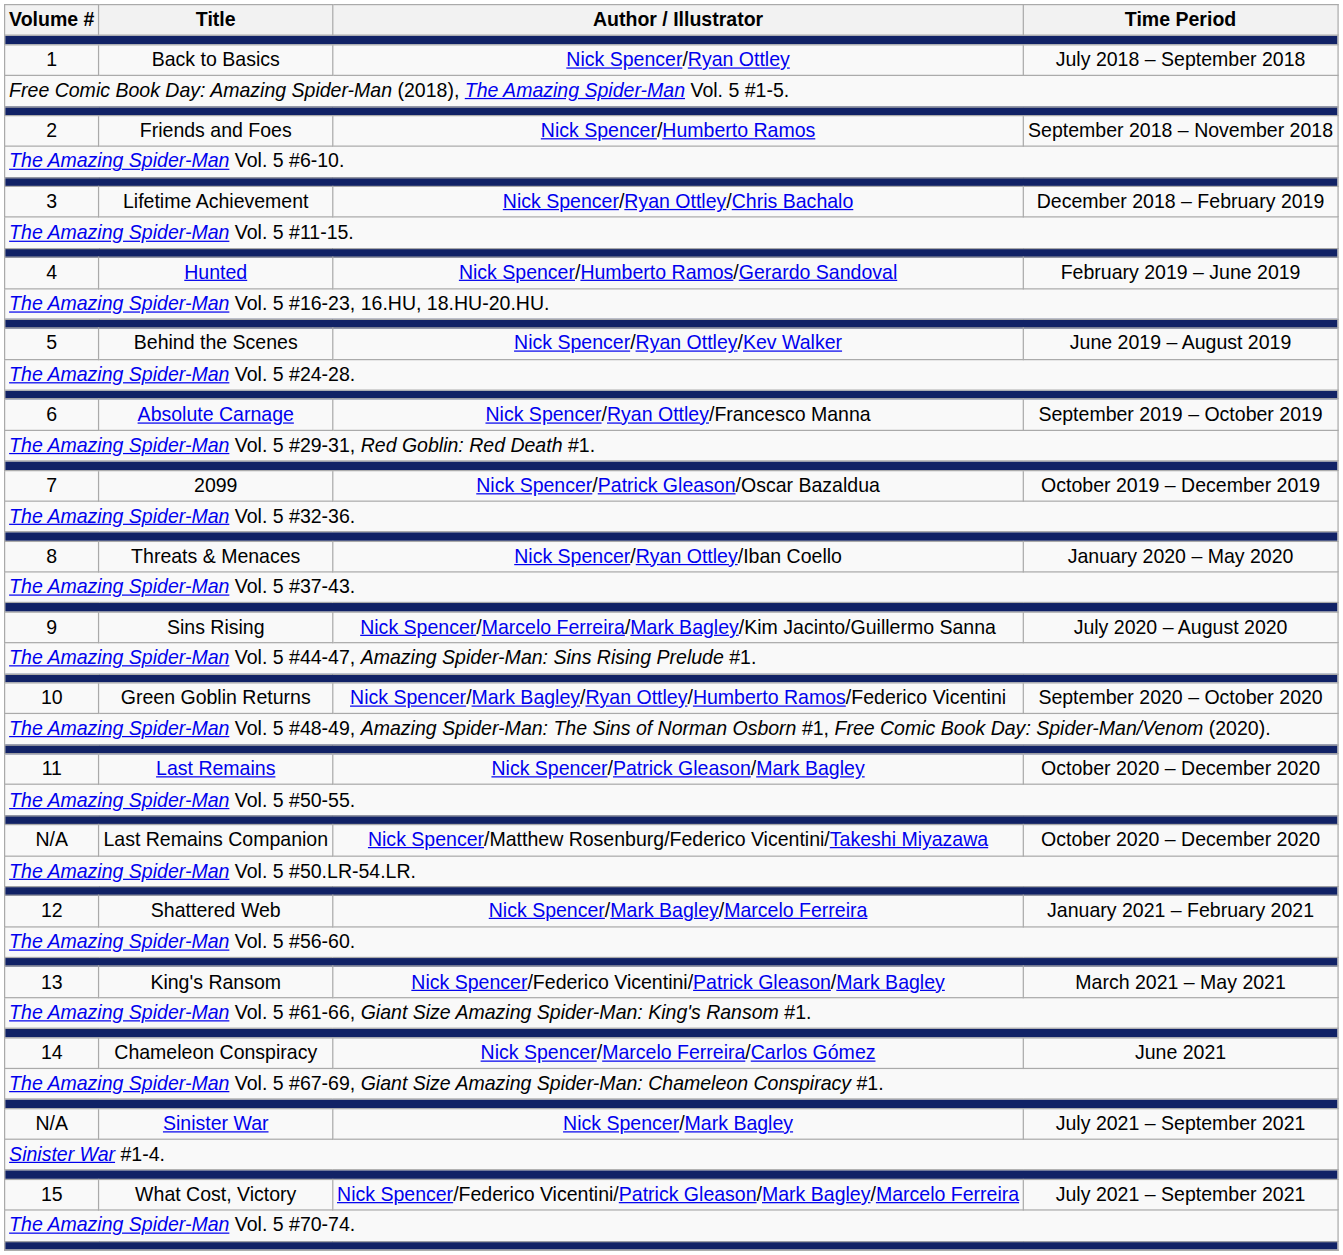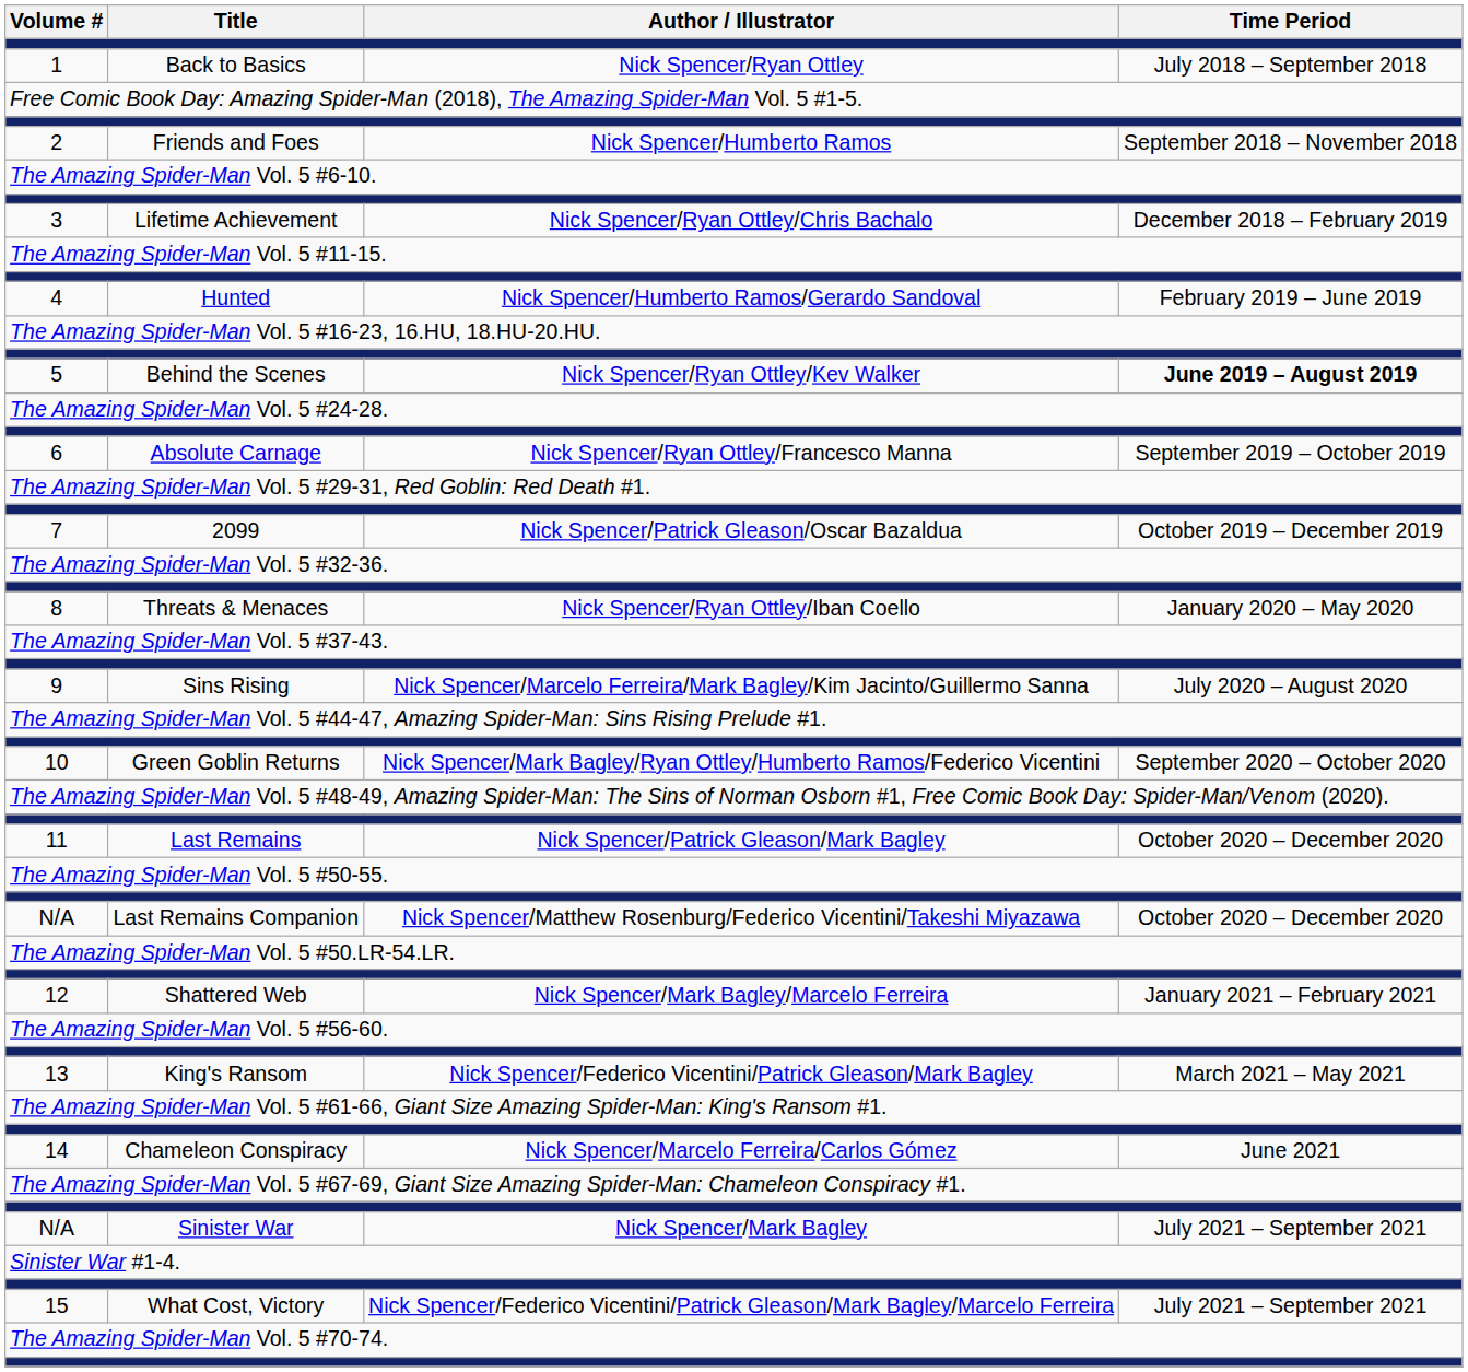 <table class="wikitable">
 <tr>
 <th>Volume #</th>
 <th>Title</th>
 <th>Author / Illustrator</th>
 <th>Time Period</th>
 </tr>
 <tr>
 <td colspan="6" bgcolor="#112266"></td>
 </tr>
 <tr>
 <td align="center">1</td>
 <td align="center">Back to Basics</td>
 <td align="center"><a href='#'>Nick Spencer</a>/<a href='#'>Ryan Ottley</a></td>
 <td align="center">July 2018 – September 2018</td>
 </tr>
 <tr>
 <td colspan="6"><em>Free Comic Book Day: Amazing Spider-Man</em> (2018), <em><a href='#'>The Amazing Spider-Man</a></em> Vol. 5 #1-5.</td>
 </tr>
 <tr>
 <td colspan="6" bgcolor="#112266"></td>
 </tr>
 <tr>
 <td align="center">2</td>
 <td align="center">Friends and Foes</td>
 <td align="center"><a href='#'>Nick Spencer</a>/<a href='#'>Humberto Ramos</a></td>
 <td align="center">September 2018 – November 2018</td>
 </tr>
 <tr>
 <td colspan="6"><em><a href='#'>The Amazing Spider-Man</a></em> Vol. 5 #6-10.</td>
 </tr>
 <tr>
 <td colspan="6" bgcolor="#112266"></td>
 </tr>
 <tr>
 <td align="center">3</td>
 <td align="center">Lifetime Achievement</td>
 <td align="center"><a href='#'>Nick Spencer</a>/<a href='#'>Ryan Ottley</a>/<a href='#'>Chris Bachalo</a></td>
 <td align="center">December 2018 – February 2019</td>
 </tr>
 <tr>
 <td colspan="6"><em><a href='#'>The Amazing Spider-Man</a></em> Vol. 5 #11-15.</td>
 </tr>
 <tr>
 <td colspan="6" bgcolor="#112266"></td>
 </tr>
 <tr>
 <td align="center">4</td>
 <td align="center"><a href='#'>Hunted</a></td>
 <td align="center"><a href='#'>Nick Spencer</a>/<a href='#'>Humberto Ramos</a>/<a href='#'>Gerardo Sandoval</a></td>
 <td align="center">February 2019 – June 2019</td>
 </tr>
 <tr>
 <td colspan="6"><em><a href='#'>The Amazing Spider-Man</a></em> Vol. 5 #16-23, 16.HU, 18.HU-20.HU.</td>
 </tr>
 <tr>
 <td colspan="6" bgcolor="#112266"></td>
 </tr>
 <tr>
 <td align="center">5</td>
 <td align="center">Behind the Scenes</td>
 <td align="center"><a href='#'>Nick Spencer</a>/<a href='#'>Ryan Ottley</a>/<a href='#'>Kev Walker</a></td>
-<td align="center">June 2019 – August 2019</td>
+<td align="center"><strong>June 2019 – August 2019</strong></td>
 </tr>
 <tr>
 <td colspan="6"><em><a href='#'>The Amazing Spider-Man</a></em> Vol. 5 #24-28.</td>
 </tr>
 <tr>
 <td colspan="6" bgcolor="#112266"></td>
 </tr>
 <tr>
 <td align="center">6</td>
 <td align="center"><a href='#'>Absolute Carnage</a></td>
 <td align="center"><a href='#'>Nick Spencer</a>/<a href='#'>Ryan Ottley</a>/Francesco Manna</td>
 <td align="center">September 2019 – October 2019</td>
 </tr>
 <tr>
 <td colspan="6"><em><a href='#'>The Amazing Spider-Man</a></em> Vol. 5 #29-31, <em>Red Goblin: Red Death</em> #1.</td>
 </tr>
 <tr>
 <td colspan="6" bgcolor="#112266"></td>
 </tr>
 <tr>
 <td align="center">7</td>
 <td align="center">2099</td>
 <td align="center"><a href='#'>Nick Spencer</a>/<a href='#'>Patrick Gleason</a>/Oscar Bazaldua</td>
 <td align="center">October 2019 – December 2019</td>
 </tr>
 <tr>
 <td colspan="6"><em><a href='#'>The Amazing Spider-Man</a></em> Vol. 5 #32-36.</td>
 </tr>
 <tr>
 <td colspan="6" bgcolor="#112266"></td>
 </tr>
 <tr>
 <td align="center">8</td>
 <td align="center">Threats & Menaces</td>
 <td align="center"><a href='#'>Nick Spencer</a>/<a href='#'>Ryan Ottley</a>/Iban Coello</td>
 <td align="center">January 2020 – May 2020</td>
 </tr>
 <tr>
 <td colspan="6"><em><a href='#'>The Amazing Spider-Man</a></em> Vol. 5 #37-43.</td>
 </tr>
 <tr>
 <td colspan="6" bgcolor="#112266"></td>
 </tr>
 <tr>
 <td align="center">9</td>
 <td align="center">Sins Rising</td>
 <td align="center"><a href='#'>Nick Spencer</a>/<a href='#'>Marcelo Ferreira</a>/<a href='#'>Mark Bagley</a>/Kim Jacinto/Guillermo Sanna</td>
 <td align="center">July 2020 – August 2020</td>
 </tr>
 <tr>
 <td colspan="6"><em><a href='#'>The Amazing Spider-Man</a></em> Vol. 5 #44-47, <em>Amazing Spider-Man: Sins Rising Prelude</em> #1.</td>
 </tr>
 <tr>
 <td colspan="6" bgcolor="#112266"></td>
 </tr>
 <tr>
 <td align="center">10</td>
 <td align="center">Green Goblin Returns</td>
 <td align="center"><a href='#'>Nick Spencer</a>/<a href='#'>Mark Bagley</a>/<a href='#'>Ryan Ottley</a>/<a href='#'>Humberto Ramos</a>/Federico Vicentini</td>
 <td align="center">September 2020 – October 2020</td>
 </tr>
 <tr>
 <td colspan="6"><em><a href='#'>The Amazing Spider-Man</a></em> Vol. 5 #48-49, <em>Amazing Spider-Man: The Sins of Norman Osborn</em> #1, <em>Free Comic Book Day: Spider-Man/Venom</em> (2020).</td>
 </tr>
 <tr>
 <td colspan="6" bgcolor="#112266"></td>
 </tr>
 <tr>
 <td align="center">11</td>
 <td align="center"><a href='#'>Last Remains</a></td>
 <td align="center"><a href='#'>Nick Spencer</a>/<a href='#'>Patrick Gleason</a>/<a href='#'>Mark Bagley</a></td>
 <td align="center">October 2020 – December 2020</td>
 </tr>
 <tr>
 <td colspan="6"><em><a href='#'>The Amazing Spider-Man</a></em> Vol. 5 #50-55.</td>
 </tr>
 <tr>
 <td colspan="6" bgcolor="#112266"></td>
 </tr>
 <tr>
 <td align="center">N/A</td>
 <td align="center">Last Remains Companion</td>
 <td align="center"><a href='#'>Nick Spencer</a>/Matthew Rosenburg/Federico Vicentini/<a href='#'>Takeshi Miyazawa</a></td>
 <td align="center">October 2020 – December 2020</td>
 </tr>
 <tr>
 <td colspan="6"><em><a href='#'>The Amazing Spider-Man</a></em> Vol. 5 #50.LR-54.LR.</td>
 </tr>
 <tr>
 <td colspan="6" bgcolor="#112266"></td>
 </tr>
 <tr>
 <td align="center">12</td>
 <td align="center">Shattered Web</td>
 <td align="center"><a href='#'>Nick Spencer</a>/<a href='#'>Mark Bagley</a>/<a href='#'>Marcelo Ferreira</a></td>
 <td align="center">January 2021 – February 2021</td>
 </tr>
 <tr>
 <td colspan="6"><em><a href='#'>The Amazing Spider-Man</a></em> Vol. 5 #56-60.</td>
 </tr>
 <tr>
 <td colspan="6" bgcolor="#112266"></td>
 </tr>
 <tr>
 <td align="center">13</td>
 <td align="center">King's Ransom</td>
 <td align="center"><a href='#'>Nick Spencer</a>/Federico Vicentini/<a href='#'>Patrick Gleason</a>/<a href='#'>Mark Bagley</a></td>
 <td align="center">March 2021 – May 2021</td>
 </tr>
 <tr>
 <td colspan="6"><em><a href='#'>The Amazing Spider-Man</a></em> Vol. 5 #61-66, <em>Giant Size Amazing Spider-Man: King's Ransom</em> #1.</td>
 </tr>
 <tr>
 <td colspan="6" bgcolor="#112266"></td>
 </tr>
 <tr>
 <td align="center">14</td>
 <td align="center">Chameleon Conspiracy</td>
 <td align="center"><a href='#'>Nick Spencer</a>/<a href='#'>Marcelo Ferreira</a>/<a href='#'>Carlos Gómez</a></td>
 <td align="center">June 2021</td>
 </tr>
 <tr>
 <td colspan="6"><em><a href='#'>The Amazing Spider-Man</a></em> Vol. 5 #67-69, <em>Giant Size Amazing Spider-Man: Chameleon Conspiracy</em> #1.</td>
 </tr>
 <tr>
 <td colspan="6" bgcolor="#112266"></td>
 </tr>
 <tr>
 <td align="center">N/A</td>
 <td align="center"><a href='#'>Sinister War</a></td>
 <td align="center"><a href='#'>Nick Spencer</a>/<a href='#'>Mark Bagley</a></td>
 <td align="center">July 2021 – September 2021</td>
 </tr>
 <tr>
 <td colspan="6"><em><a href='#'>Sinister War</a></em> #1-4.</td>
 </tr>
 <tr>
 <td colspan="6" bgcolor="#112266"></td>
 </tr>
 <tr>
 <td align="center">15</td>
 <td align="center">What Cost, Victory</td>
 <td align="center"><a href='#'>Nick Spencer</a>/Federico Vicentini/<a href='#'>Patrick Gleason</a>/<a href='#'>Mark Bagley</a>/<a href='#'>Marcelo Ferreira</a></td>
 <td align="center">July 2021 – September 2021</td>
 </tr>
 <tr>
 <td colspan="6"><em><a href='#'>The Amazing Spider-Man</a></em> Vol. 5 #70-74.</td>
 </tr>
 <tr>
 <td colspan="6" bgcolor="#112266"></td>
 </tr>
 <tr>
 </tr>
 </table>
